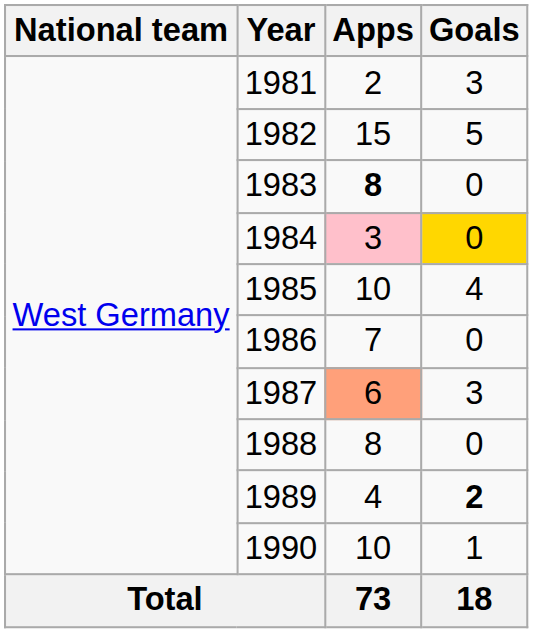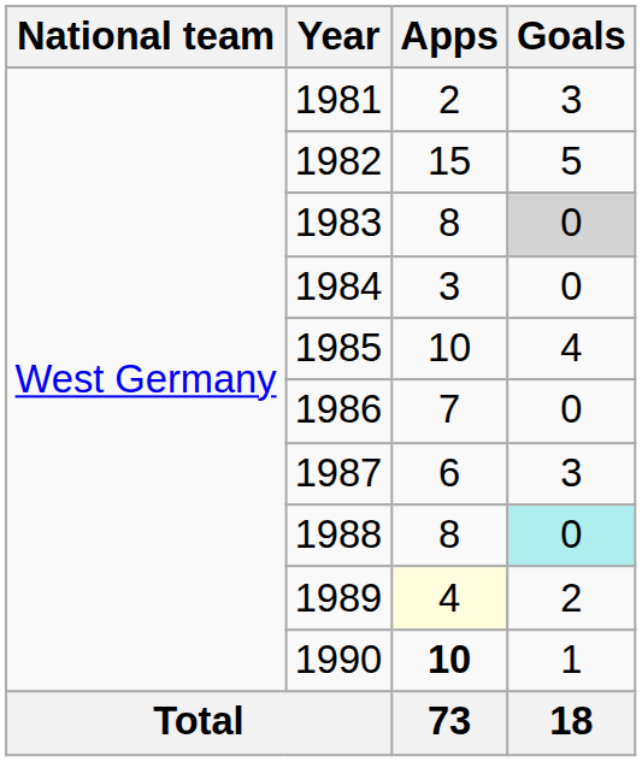 <table class="wikitable" style="text-align:center">
 <tr>
 <th>National team</th>
 <th>Year</th>
 <th>Apps</th>
 <th>Goals</th>
 </tr>
 <tr>
 <td rowspan="10"><a href='#'>West Germany</a></td>
 <td>1981</td>
 <td>2</td>
 <td>3</td>
 </tr>
 <tr>
 <td>1982</td>
 <td>15</td>
 <td>5</td>
 </tr>
 <tr>
 <td>1983</td>
-<td><strong>8</strong></td>
-<td>0</td>
+<td>8</td>
+<td style="background: lightgrey;">0</td>
 </tr>
 <tr>
 <td>1984</td>
-<td style="background: pink;">3</td>
-<td style="background: gold;">0</td>
+<td>3</td>
+<td>0</td>
 </tr>
 <tr>
 <td>1985</td>
 <td>10</td>
 <td>4</td>
 </tr>
 <tr>
 <td>1986</td>
 <td>7</td>
 <td>0</td>
 </tr>
 <tr>
 <td>1987</td>
-<td style="background: lightsalmon;">6</td>
+<td>6</td>
 <td>3</td>
 </tr>
 <tr>
 <td>1988</td>
 <td>8</td>
-<td>0</td>
+<td style="background: paleturquoise;">0</td>
 </tr>
 <tr>
 <td>1989</td>
-<td>4</td>
-<td><strong>2</strong></td>
+<td style="background: lightyellow;">4</td>
+<td>2</td>
 </tr>
 <tr>
 <td>1990</td>
-<td>10</td>
+<td><strong>10</strong></td>
 <td>1</td>
 </tr>
 <tr>
 <th colspan="2">Total</th>
 <th>73</th>
 <th>18</th>
 </tr>
 </table>
